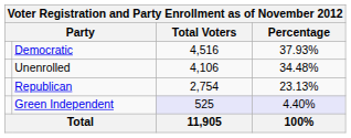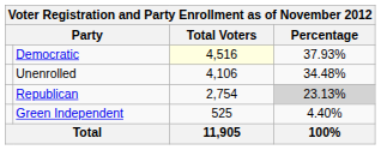 <table class=wikitable>
 <tr>
 <th colspan = 6>Voter Registration and Party Enrollment as of November 2012</th>
 </tr>
 <tr>
 <th colspan = 2>Party</th>
 <th>Total Voters</th>
 <th>Percentage</th>
 </tr>
 <tr>
 <td></td>
 <td><a href='#'>Democratic</a></td>
-<td align = center>4,516</td>
+<td align = center style="background: lightyellow;">4,516</td>
 <td align = center>37.93%</td>
 </tr>
 <tr>
 <td></td>
 <td>Unenrolled</td>
 <td align = center>4,106</td>
 <td align = center>34.48%</td>
 </tr>
 <tr>
 <td></td>
 <td><a href='#'>Republican</a></td>
 <td align = center>2,754</td>
-<td align = center>23.13%</td>
+<td align = center style="background: lightgrey;">23.13%</td>
 </tr>
 <tr>
 <td></td>
 <td><a href='#'>Green Independent</a></td>
-<td align = center style="background: lavender;">525</td>
-<td align = center style="background: lavender;">4.40%</td>
+<td align = center>525</td>
+<td align = center>4.40%</td>
 </tr>
 <tr>
 <th colspan = 2>Total</th>
 <th align = center>11,905</th>
 <th align = center>100%</th>
 </tr>
 </table>
